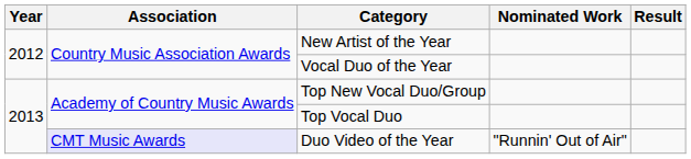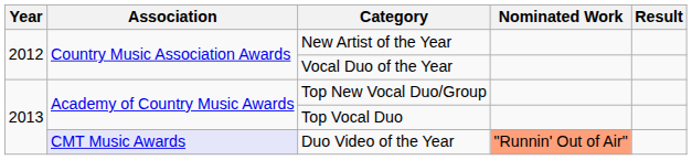 <table class="wikitable">
 <tr>
 <th>Year</th>
 <th>Association</th>
 <th>Category</th>
 <th>Nominated Work</th>
 <th>Result</th>
 </tr>
 <tr>
 <td rowspan="2">2012</td>
 <td rowspan="2"><a href='#'>Country Music Association Awards</a></td>
 <td>New Artist of the Year</td>
 <td></td>
 <td></td>
 </tr>
 <tr>
 <td>Vocal Duo of the Year</td>
 <td></td>
 <td></td>
 </tr>
 <tr>
 <td rowspan="3">2013</td>
 <td rowspan="2"><a href='#'>Academy of Country Music Awards</a></td>
 <td>Top New Vocal Duo/Group</td>
 <td></td>
 <td></td>
 </tr>
 <tr>
 <td>Top Vocal Duo</td>
 <td></td>
 <td></td>
 </tr>
 <tr>
 <td style="background: lavender;"><a href='#'>CMT Music Awards</a></td>
 <td>Duo Video of the Year</td>
-<td>"Runnin' Out of Air"</td>
+<td style="background: lightsalmon;">"Runnin' Out of Air"</td>
 <td></td>
 </tr>
 </table>
